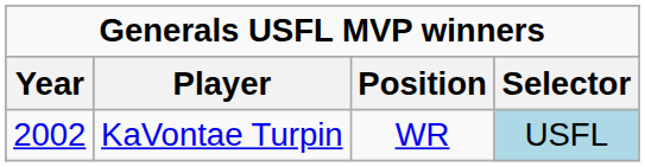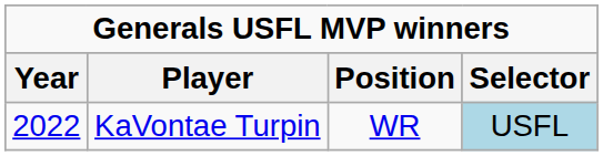 <table class="wikitable" style="text-align:center">
 <tr>
 <td align="center" colspan="4"><strong>Generals USFL MVP winners</strong></td>
 </tr>
 <tr>
 <th>Year</th>
 <th>Player</th>
 <th>Position</th>
 <th>Selector</th>
 </tr>
 <tr>
-<td><a href='#'>2002</a></td>
+<td><a href='#'>2022</a></td>
 <td><a href='#'>KaVontae Turpin</a></td>
 <td><a href='#'>WR</a></td>
 <td style="background: lightblue;">USFL</td>
 </tr>
 </table>
